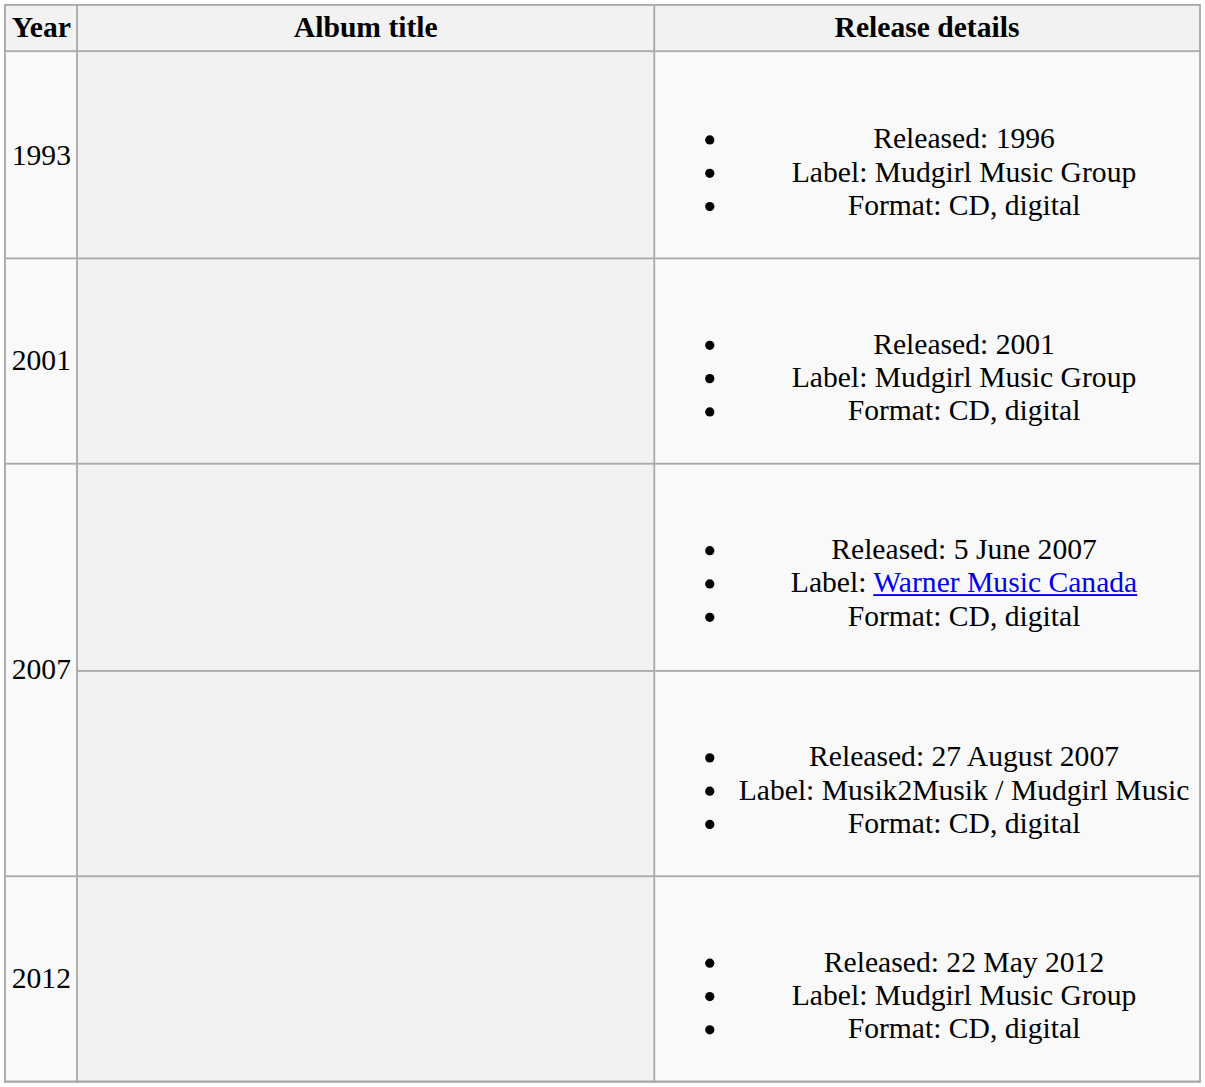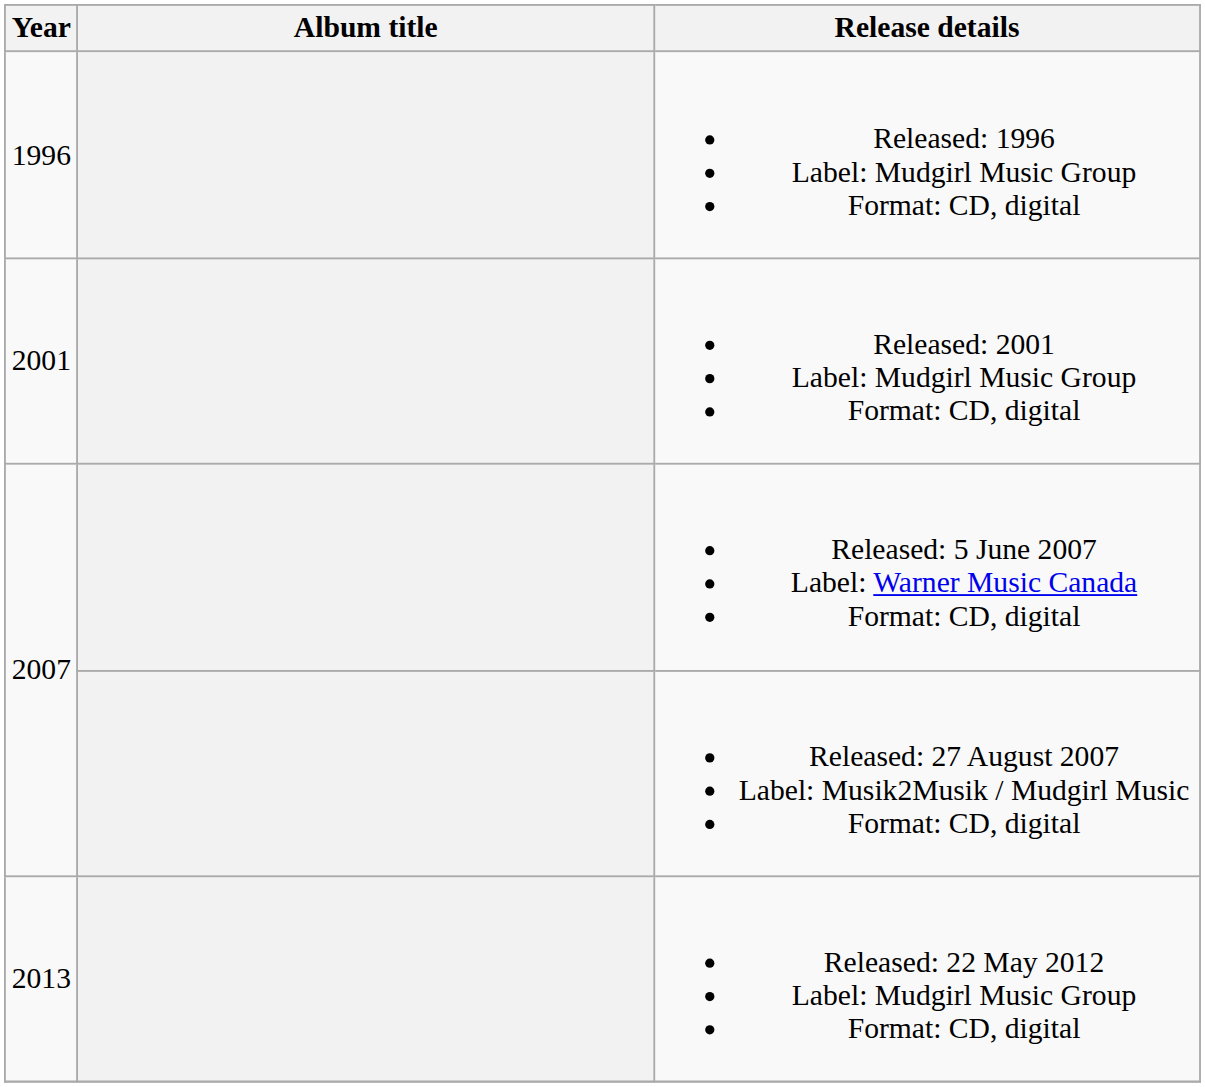 <table class="wikitable plainrowheaders" style="text-align:center;">
 <tr>
 <th>Year</th>
 <th scope="col" rowspan="1" style="width:19em;">Album title</th>
 <th scope="col" rowspan="1" style="width:18em;">Release details</th>
 </tr>
 <tr>
-<td>1993</td>
+<td>1996</td>
 <th></th>
 <td><br><ul><li>Released: 1996</li><li>Label: Mudgirl Music Group</li><li>Format: CD, digital</li></ul></td>
 </tr>
 <tr>
 <td>2001</td>
 <th></th>
 <td><br><ul><li>Released: 2001</li><li>Label: Mudgirl Music Group</li><li>Format: CD, digital</li></ul></td>
 </tr>
 <tr>
 <td rowspan="2">2007</td>
 <th></th>
 <td><br><ul><li>Released: 5 June 2007</li><li>Label: <a href='#'>Warner Music Canada</a></li><li>Format: CD, digital</li></ul></td>
 </tr>
 <tr>
 <th></th>
 <td><br><ul><li>Released: 27 August 2007</li><li>Label: Musik2Musik / Mudgirl Music</li><li>Format: CD, digital</li></ul></td>
 </tr>
 <tr>
-<td>2012</td>
+<td>2013</td>
 <th></th>
 <td><br><ul><li>Released: 22 May 2012</li><li>Label: Mudgirl Music Group</li><li>Format: CD, digital</li></ul></td>
 </tr>
 <tr>
 </tr>
 </table>
